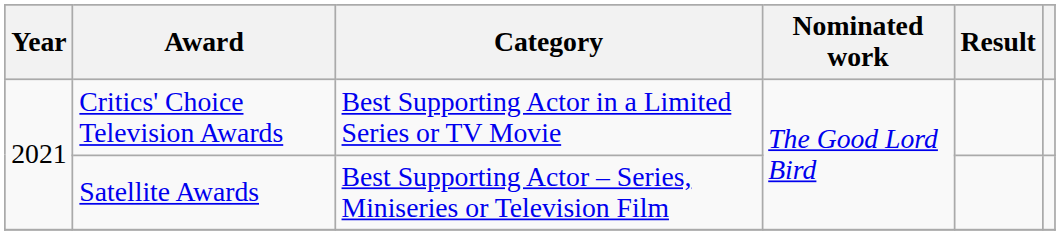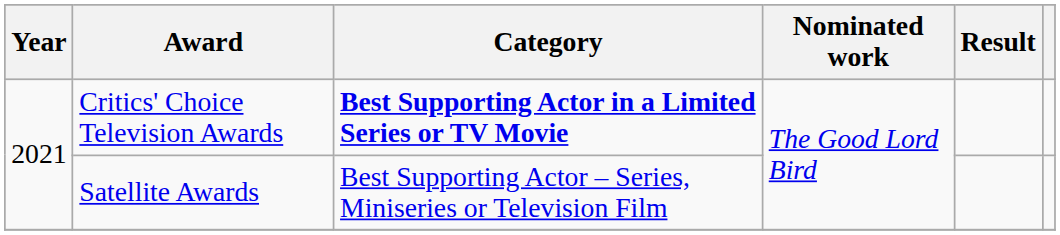 <table class="wikitable">
 <tr>
 <th scope="col">Year</th>
 <th scope="col">Award</th>
 <th scope="col">Category</th>
 <th scope="col">Nominated work</th>
 <th scope="col">Result</th>
 <th scope="col" class="unsortable"></th>
 </tr>
 <tr>
 <td align="center" rowspan="2">2021</td>
 <td><a href='#'>Critics' Choice Television Awards</a></td>
-<td><a href='#'>Best Supporting Actor in a Limited Series or TV Movie</a></td>
+<td><strong><a href='#'>Best Supporting Actor in a Limited Series or TV Movie</a></strong></td>
 <td rowspan="2"><em><a href='#'>The Good Lord Bird</a></em></td>
 <td></td>
 <td align="center"></td>
 </tr>
 <tr>
 <td><a href='#'>Satellite Awards</a></td>
 <td><a href='#'>Best Supporting Actor – Series, Miniseries or Television Film</a></td>
 <td></td>
 <td align="center"></td>
 </tr>
 <tr>
 </tr>
 </table>
